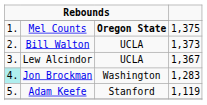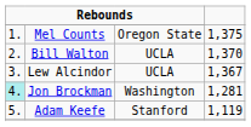 <table class="wikitable" style="display: inline-table;">
 <tr>
 <td align="center" Colspan="3"><strong>Rebounds</strong></td>
 </tr>
 <tr align="center">
 </tr>
 <tr align="center">
 <td>1.</td>
 <td><a href='#'>Mel Counts</a></td>
-<td><strong>Oregon State</strong></td>
+<td>Oregon State</td>
 <td>1,375</td>
 </tr>
 <tr align="center">
 <td>2.</td>
 <td><a href='#'>Bill Walton</a></td>
 <td>UCLA</td>
-<td>1,373</td>
+<td>1,370</td>
 </tr>
 <tr align="center">
 <td>3.</td>
 <td>Lew Alcindor</td>
 <td>UCLA</td>
 <td>1,367</td>
 </tr>
 <tr align="center">
 <td style="background: paleturquoise;">4.</td>
 <td><a href='#'>Jon Brockman</a></td>
 <td>Washington</td>
-<td>1,283</td>
+<td>1,281</td>
 </tr>
 <tr align="center">
 <td>5.</td>
 <td><a href='#'>Adam Keefe</a></td>
 <td>Stanford</td>
 <td>1,119</td>
 </tr>
 <tr align="center">
 </tr>
 <tr>
 </tr>
 </table>
